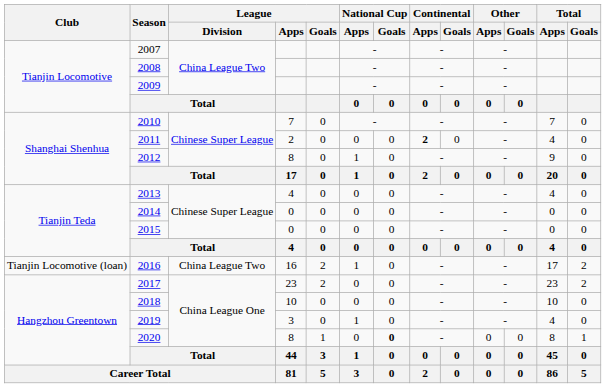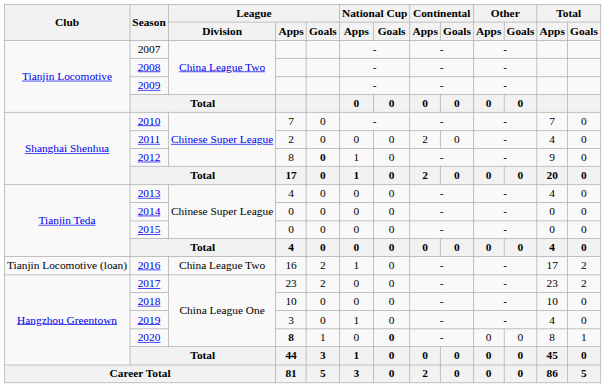 <table class="wikitable" style="text-align: center">
 <tr>
 <th rowspan="2">Club</th>
 <th rowspan="2">Season</th>
 <th colspan="3">League</th>
 <th colspan="2">National Cup</th>
 <th colspan="2">Continental</th>
 <th colspan="2">Other</th>
 <th colspan="2">Total</th>
 </tr>
 <tr>
 <th>Division</th>
 <th>Apps</th>
 <th>Goals</th>
 <th>Apps</th>
 <th>Goals</th>
 <th>Apps</th>
 <th>Goals</th>
 <th>Apps</th>
 <th>Goals</th>
 <th>Apps</th>
 <th>Goals</th>
 </tr>
 <tr>
 <td rowspan=4><a href='#'>Tianjin Locomotive</a></td>
 <td>2007</td>
 <td rowspan=3><a href='#'>China League Two</a></td>
 <td></td>
 <td></td>
 <td colspan="2">-</td>
 <td colspan="2">-</td>
 <td colspan="2">-</td>
 <td></td>
 <td></td>
 </tr>
 <tr>
 <td><a href='#'>2008</a></td>
 <td></td>
 <td></td>
 <td colspan="2">-</td>
 <td colspan="2">-</td>
 <td colspan="2">-</td>
 <td></td>
 <td></td>
 </tr>
 <tr>
 <td><a href='#'>2009</a></td>
 <td></td>
 <td></td>
 <td colspan="2">-</td>
 <td colspan="2">-</td>
 <td colspan="2">-</td>
 <td></td>
 <td></td>
 </tr>
 <tr>
 <th colspan=2>Total</th>
 <th></th>
 <th></th>
 <th>0</th>
 <th>0</th>
 <th>0</th>
 <th>0</th>
 <th>0</th>
 <th>0</th>
 <th></th>
 <th></th>
 </tr>
 <tr>
 <td rowspan=4><a href='#'>Shanghai Shenhua</a></td>
 <td><a href='#'>2010</a></td>
 <td rowspan=3><a href='#'>Chinese Super League</a></td>
 <td>7</td>
 <td>0</td>
 <td colspan="2">-</td>
 <td colspan="2">-</td>
 <td colspan="2">-</td>
 <td>7</td>
 <td>0</td>
 </tr>
 <tr>
 <td><a href='#'>2011</a></td>
 <td>2</td>
 <td>0</td>
 <td>0</td>
 <td>0</td>
-<td><strong>2</strong></td>
+<td>2</td>
 <td>0</td>
 <td colspan="2">-</td>
 <td>4</td>
 <td>0</td>
 </tr>
 <tr>
 <td><a href='#'>2012</a></td>
 <td>8</td>
-<td>0</td>
+<td><strong>0</strong></td>
 <td>1</td>
 <td>0</td>
 <td colspan="2">-</td>
 <td colspan="2">-</td>
 <td>9</td>
 <td>0</td>
 </tr>
 <tr>
 <th colspan=2>Total</th>
 <th>17</th>
 <th>0</th>
 <th>1</th>
 <th>0</th>
 <th>2</th>
 <th>0</th>
 <th>0</th>
 <th>0</th>
 <th>20</th>
 <th>0</th>
 </tr>
 <tr>
 <td rowspan=4><a href='#'>Tianjin Teda</a></td>
 <td><a href='#'>2013</a></td>
 <td rowspan=3>Chinese Super League</td>
 <td>4</td>
 <td>0</td>
 <td>0</td>
 <td>0</td>
 <td colspan="2">-</td>
 <td colspan="2">-</td>
 <td>4</td>
 <td>0</td>
 </tr>
 <tr>
 <td><a href='#'>2014</a></td>
 <td>0</td>
 <td>0</td>
 <td>0</td>
 <td>0</td>
 <td colspan="2">-</td>
 <td colspan="2">-</td>
 <td>0</td>
 <td>0</td>
 </tr>
 <tr>
 <td><a href='#'>2015</a></td>
 <td>0</td>
 <td>0</td>
 <td>0</td>
 <td>0</td>
 <td colspan="2">-</td>
 <td colspan="2">-</td>
 <td>0</td>
 <td>0</td>
 </tr>
 <tr>
 <th colspan=2>Total</th>
 <th>4</th>
 <th>0</th>
 <th>0</th>
 <th>0</th>
 <th>0</th>
 <th>0</th>
 <th>0</th>
 <th>0</th>
 <th>4</th>
 <th>0</th>
 </tr>
 <tr>
 <td>Tianjin Locomotive (loan)</td>
 <td><a href='#'>2016</a></td>
 <td>China League Two</td>
 <td>16</td>
 <td>2</td>
 <td>1</td>
 <td>0</td>
 <td colspan="2">-</td>
 <td colspan="2">-</td>
 <td>17</td>
 <td>2</td>
 </tr>
 <tr>
 <td rowspan=5><a href='#'>Hangzhou Greentown</a></td>
 <td><a href='#'>2017</a></td>
 <td rowspan=4>China League One</td>
 <td>23</td>
 <td>2</td>
 <td>0</td>
 <td>0</td>
 <td colspan="2">-</td>
 <td colspan="2">-</td>
 <td>23</td>
 <td>2</td>
 </tr>
 <tr>
 <td><a href='#'>2018</a></td>
 <td>10</td>
 <td>0</td>
 <td>0</td>
 <td>0</td>
 <td colspan="2">-</td>
 <td colspan="2">-</td>
 <td>10</td>
 <td>0</td>
 </tr>
 <tr>
 <td><a href='#'>2019</a></td>
 <td>3</td>
 <td>0</td>
 <td>1</td>
 <td>0</td>
 <td colspan="2">-</td>
 <td colspan="2">-</td>
 <td>4</td>
 <td>0</td>
 </tr>
 <tr>
 <td><a href='#'>2020</a></td>
-<td>8</td>
+<td><strong>8</strong></td>
 <td>1</td>
 <td>0</td>
 <td><strong>0</strong></td>
 <td colspan="2">-</td>
 <td>0</td>
 <td>0</td>
 <td>8</td>
 <td>1</td>
 </tr>
 <tr>
 <th colspan=2>Total</th>
 <th>44</th>
 <th>3</th>
 <th>1</th>
 <th>0</th>
 <th>0</th>
 <th>0</th>
 <th>0</th>
 <th>0</th>
 <th>45</th>
 <th>0</th>
 </tr>
 <tr>
 <th colspan=3>Career Total</th>
 <th>81</th>
 <th>5</th>
 <th>3</th>
 <th>0</th>
 <th>2</th>
 <th>0</th>
 <th>0</th>
 <th>0</th>
 <th>86</th>
 <th>5</th>
 </tr>
 </table>
